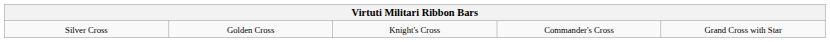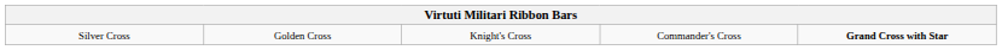 <table class="wikitable" style="float:center; width:100%;">
 <tr>
 <th colspan=5>Virtuti Militari Ribbon Bars</th>
 </tr>
 <tr>
 <td style="vertical-align:top; width:20%; text-align:center;"><small>Silver Cross</small></td>
 <td style="vertical-align:top; width:20%; text-align:center;"><small>Golden Cross</small></td>
 <td style="vertical-align:top; width:20%; text-align:center;"><small>Knight's Cross</small></td>
 <td style="vertical-align:top; width:20%; text-align:center;"><small>Commander's Cross</small></td>
-<td style="vertical-align:top; width:20%; text-align:center;"><small>Grand Cross with Star</small></td>
+<td style="vertical-align:top; width:20%; text-align:center;"><strong><small>Grand Cross with Star</small></strong></td>
 </tr>
 </table>
